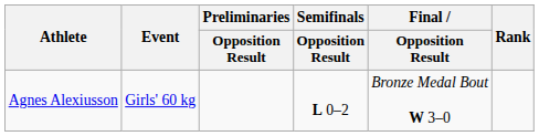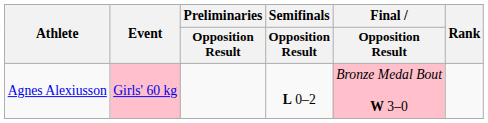 <table class="wikitable" style="font-size:90%;">
 <tr>
 <th rowspan=2>Athlete</th>
 <th rowspan=2>Event</th>
 <th>Preliminaries</th>
 <th>Semifinals</th>
 <th>Final / </th>
 <th rowspan=2>Rank</th>
 </tr>
 <tr style="font-size:95%">
 <th>Opposition<br>Result</th>
 <th>Opposition<br>Result</th>
 <th>Opposition<br>Result</th>
 </tr>
 <tr align=center>
 <td align=left><a href='#'>Agnes Alexiusson</a></td>
-<td align=left><a href='#'>Girls' 60 kg</a></td>
+<td align=left style="background: pink;"><a href='#'>Girls' 60 kg</a></td>
 <td></td>
 <td><br><strong>L</strong> 0–2</td>
-<td><em>Bronze Medal Bout</em><br><br><strong>W</strong> 3–0</td>
+<td style="background: pink;"><em>Bronze Medal Bout</em><br><br><strong>W</strong> 3–0</td>
 <td></td>
 </tr>
 </table>
